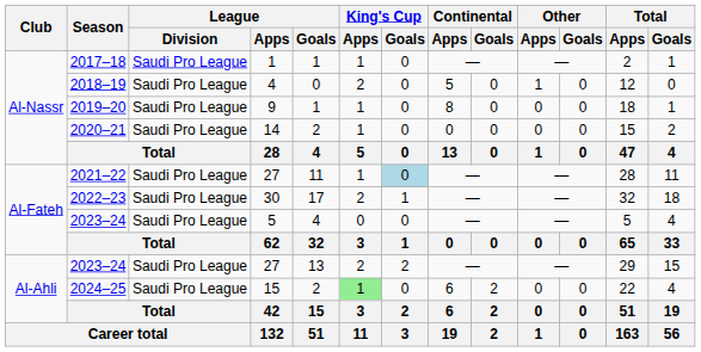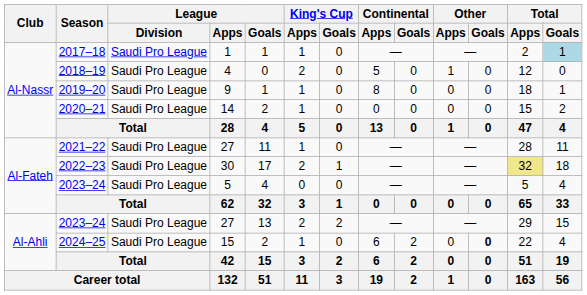 <table class="wikitable" style="text-align: center">
 <tr>
 <th rowspan=2>Club</th>
 <th rowspan=2>Season</th>
 <th colspan=3>League</th>
 <th colspan=2><a href='#'>King's Cup</a></th>
 <th colspan=2>Continental</th>
 <th colspan=2>Other</th>
 <th colspan=2>Total</th>
 </tr>
 <tr>
 <th>Division</th>
 <th>Apps</th>
 <th>Goals</th>
 <th>Apps</th>
 <th>Goals</th>
 <th>Apps</th>
 <th>Goals</th>
 <th>Apps</th>
 <th>Goals</th>
 <th>Apps</th>
 <th>Goals</th>
 </tr>
 <tr>
 <td rowspan="5"><a href='#'>Al-Nassr</a></td>
 <td><a href='#'>2017–18</a></td>
 <td><a href='#'>Saudi Pro League</a></td>
 <td>1</td>
 <td>1</td>
 <td>1</td>
 <td>0</td>
 <td colspan=2>—</td>
 <td colspan=2>—</td>
 <td>2</td>
-<td>1</td>
+<td style="background: lightblue;">1</td>
 </tr>
 <tr>
 <td><a href='#'>2018–19</a></td>
 <td>Saudi Pro League</td>
 <td>4</td>
 <td>0</td>
 <td>2</td>
 <td>0</td>
 <td>5</td>
 <td>0</td>
 <td>1</td>
 <td>0</td>
 <td>12</td>
 <td>0</td>
 </tr>
 <tr>
 <td><a href='#'>2019–20</a></td>
 <td>Saudi Pro League</td>
 <td>9</td>
 <td>1</td>
 <td>1</td>
 <td>0</td>
 <td>8</td>
 <td>0</td>
 <td>0</td>
 <td>0</td>
 <td>18</td>
 <td>1</td>
 </tr>
 <tr>
 <td><a href='#'>2020–21</a></td>
 <td>Saudi Pro League</td>
 <td>14</td>
 <td>2</td>
 <td>1</td>
 <td>0</td>
 <td>0</td>
 <td>0</td>
 <td>0</td>
 <td>0</td>
 <td>15</td>
 <td>2</td>
 </tr>
 <tr>
 <th colspan="2">Total</th>
 <th>28</th>
 <th>4</th>
 <th>5</th>
 <th>0</th>
 <th>13</th>
 <th>0</th>
 <th>1</th>
 <th>0</th>
 <th>47</th>
 <th>4</th>
 </tr>
 <tr>
 <td rowspan="4"><a href='#'>Al-Fateh</a></td>
 <td><a href='#'>2021–22</a></td>
 <td>Saudi Pro League</td>
 <td>27</td>
 <td>11</td>
 <td>1</td>
-<td style="background: lightblue;">0</td>
+<td>0</td>
 <td colspan=2>—</td>
 <td colspan=2>—</td>
 <td>28</td>
 <td>11</td>
 </tr>
 <tr>
 <td><a href='#'>2022–23</a></td>
 <td>Saudi Pro League</td>
 <td>30</td>
 <td>17</td>
 <td>2</td>
 <td>1</td>
 <td colspan=2>—</td>
 <td colspan=2>—</td>
-<td>32</td>
+<td style="background: khaki;">32</td>
 <td>18</td>
 </tr>
 <tr>
 <td><a href='#'>2023–24</a></td>
 <td>Saudi Pro League</td>
 <td>5</td>
 <td>4</td>
 <td>0</td>
 <td>0</td>
 <td colspan=2>—</td>
 <td colspan=2>—</td>
 <td>5</td>
 <td>4</td>
 </tr>
 <tr>
 <th colspan="2">Total</th>
 <th>62</th>
 <th>32</th>
 <th>3</th>
 <th>1</th>
 <th>0</th>
 <th>0</th>
 <th>0</th>
 <th>0</th>
 <th>65</th>
 <th>33</th>
 </tr>
 <tr>
 <td rowspan="3"><a href='#'>Al-Ahli</a></td>
 <td><a href='#'>2023–24</a></td>
 <td>Saudi Pro League</td>
 <td>27</td>
 <td>13</td>
 <td>2</td>
 <td>2</td>
 <td colspan=2>—</td>
 <td colspan=2>—</td>
 <td>29</td>
 <td>15</td>
 </tr>
 <tr>
 <td><a href='#'>2024–25</a></td>
 <td>Saudi Pro League</td>
 <td>15</td>
 <td>2</td>
-<td style="background: lightgreen;">1</td>
+<td>1</td>
 <td>0</td>
 <td>6</td>
 <td>2</td>
 <td>0</td>
-<td>0</td>
+<td><strong>0</strong></td>
 <td>22</td>
 <td>4</td>
 </tr>
 <tr>
 <th colspan="2">Total</th>
 <th>42</th>
 <th>15</th>
 <th>3</th>
 <th>2</th>
 <th>6</th>
 <th>2</th>
 <th>0</th>
 <th>0</th>
 <th>51</th>
 <th>19</th>
 </tr>
 <tr>
 <th colspan="3">Career total</th>
 <th>132</th>
 <th>51</th>
 <th>11</th>
 <th>3</th>
 <th>19</th>
 <th>2</th>
 <th>1</th>
 <th>0</th>
 <th>163</th>
 <th>56</th>
 </tr>
 </table>
